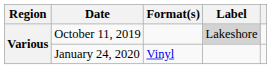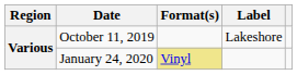 <table class="wikitable plainrowheaders">
 <tr>
 <th scope="col">Region</th>
 <th scope="col">Date</th>
 <th scope="col">Format(s)</th>
 <th scope="col">Label</th>
 <th scope="col"></th>
 </tr>
 <tr>
 <th rowspan="2" scope="row">Various</th>
 <td>October 11, 2019</td>
 <td></td>
-<td style="background: lightgrey;">Lakeshore</td>
+<td>Lakeshore</td>
 <td align="center"></td>
 </tr>
 <tr>
 <td>January 24, 2020</td>
-<td><a href='#'>Vinyl</a></td>
+<td style="background: khaki;"><a href='#'>Vinyl</a></td>
 <td></td>
 <td align="center"><br></td>
 </tr>
 </table>
